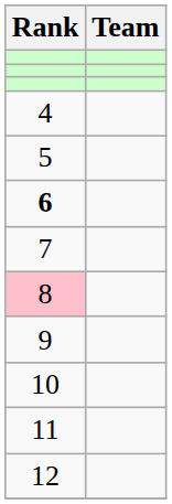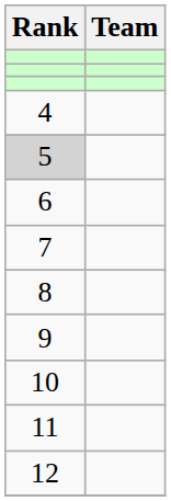 <table class="wikitable">
 <tr>
 <th>Rank</th>
 <th>Team</th>
 </tr>
 <tr bgcolor=ccffcc>
 <td align=center></td>
 <td></td>
 </tr>
 <tr bgcolor=ccffcc>
 <td align=center></td>
 <td></td>
 </tr>
 <tr bgcolor=ccffcc>
 <td align=center></td>
 <td></td>
 </tr>
 <tr>
 <td align=center>4</td>
 <td></td>
 </tr>
 <tr>
-<td align=center>5</td>
+<td align=center style="background: lightgrey;">5</td>
 <td></td>
 </tr>
 <tr>
-<td align=center><strong>6</strong></td>
+<td align=center>6</td>
 <td></td>
 </tr>
 <tr>
 <td align=center>7</td>
 <td></td>
 </tr>
 <tr>
-<td align=center style="background: pink;">8</td>
+<td align=center>8</td>
 <td></td>
 </tr>
 <tr>
 <td align=center>9</td>
 <td></td>
 </tr>
 <tr>
 <td align=center>10</td>
 <td></td>
 </tr>
 <tr>
 <td align=center>11</td>
 <td></td>
 </tr>
 <tr>
 <td align=center>12</td>
 <td></td>
 </tr>
 <tr>
 </tr>
 </table>
